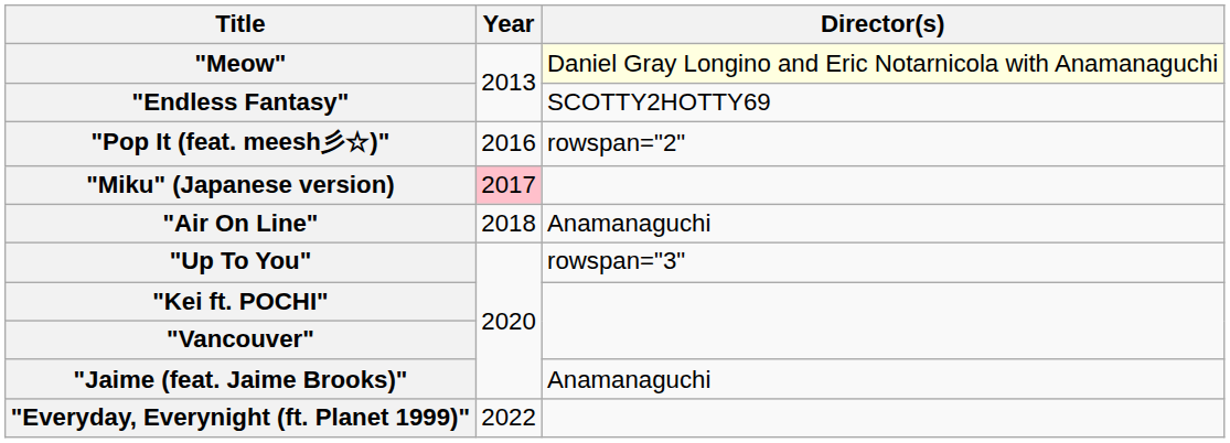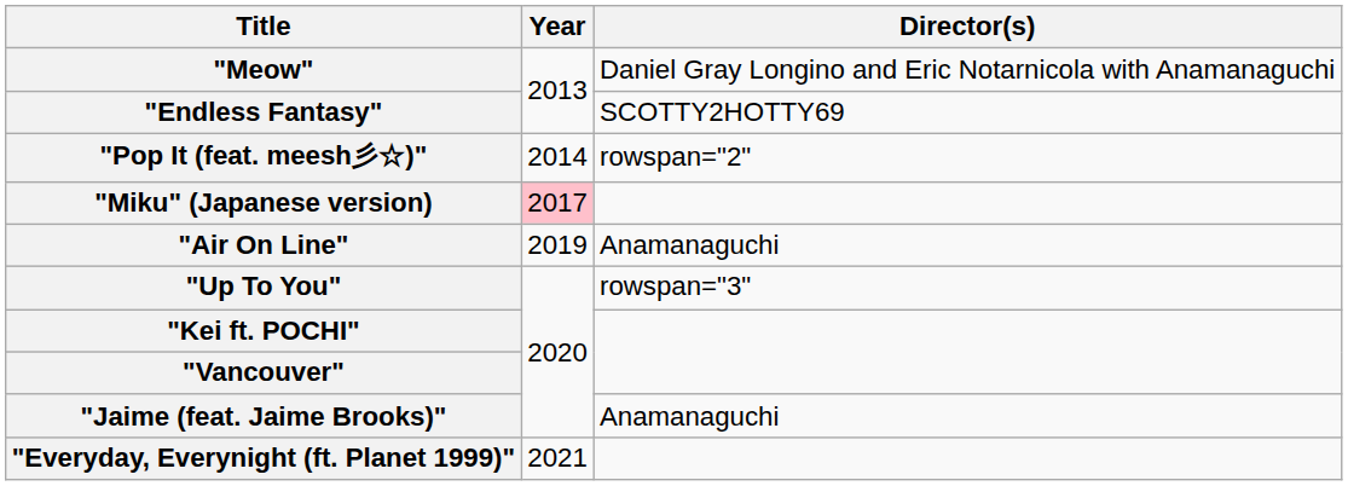 <table class="wikitable plainrowheaders">
 <tr>
 <th>Title</th>
 <th>Year</th>
 <th>Director(s)</th>
 </tr>
 <tr>
 <th scope="row">"Meow"</th>
 <td rowspan="2" style="text-align:center">2013</td>
-<td style="background: lightyellow; text-align:left">Daniel Gray Longino and Eric Notarnicola with Anamanaguchi</td>
+<td style="text-align:left">Daniel Gray Longino and Eric Notarnicola with Anamanaguchi</td>
 </tr>
 <tr>
 <th scope="row">"Endless Fantasy"</th>
 <td style="text-align:left">SCOTTY2HOTTY69</td>
 </tr>
 <tr>
 <th scope="row">"Pop It (feat. meesh彡☆)"</th>
-<td style="text-align:center">2016</td>
+<td style="text-align:center">2014</td>
 <td>rowspan="2" </td>
 </tr>
 <tr>
 <th scope="row">"Miku" (Japanese version)</th>
 <td style="background: pink; text-align:center">2017</td>
 </tr>
 <tr>
 <th scope="row">"Air On Line"</th>
-<td style="text-align:center">2018</td>
+<td style="text-align:center">2019</td>
 <td style="text-align:left">Anamanaguchi</td>
 </tr>
 <tr>
 <th scope="row">"Up To You"</th>
 <td rowspan="4" style="text-align:center">2020</td>
 <td>rowspan="3" </td>
 </tr>
 <tr>
 <th scope="row">"Kei ft. POCHI"</th>
 </tr>
 <tr>
 <th scope="row">"Vancouver"</th>
 </tr>
 <tr>
 <th scope="row">"Jaime (feat. Jaime Brooks)"</th>
 <td style="text-align:left">Anamanaguchi</td>
 </tr>
 <tr>
 <th scope="row">"Everyday, Everynight (ft. Planet 1999)"</th>
-<td>2022</td>
+<td>2021</td>
 <td></td>
 </tr>
 </table>
